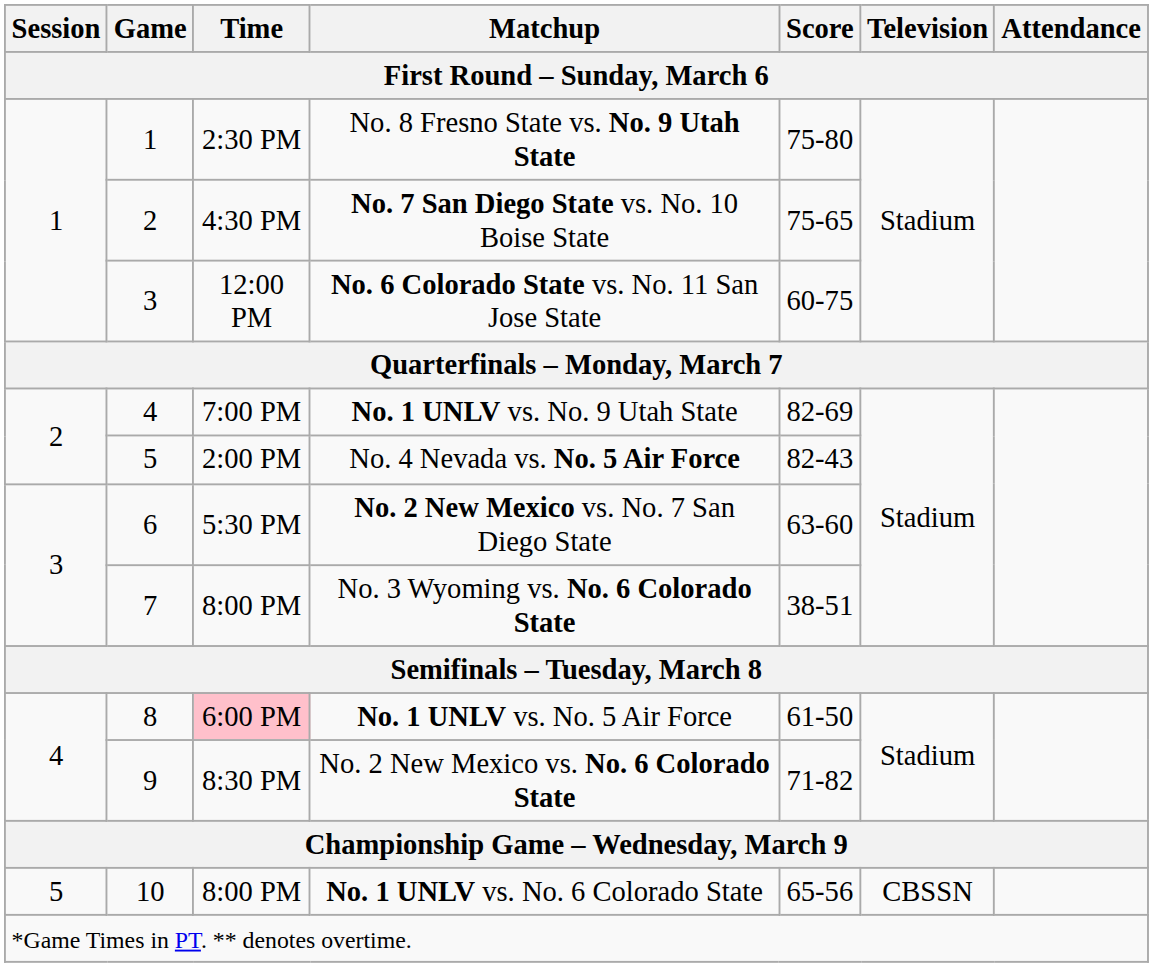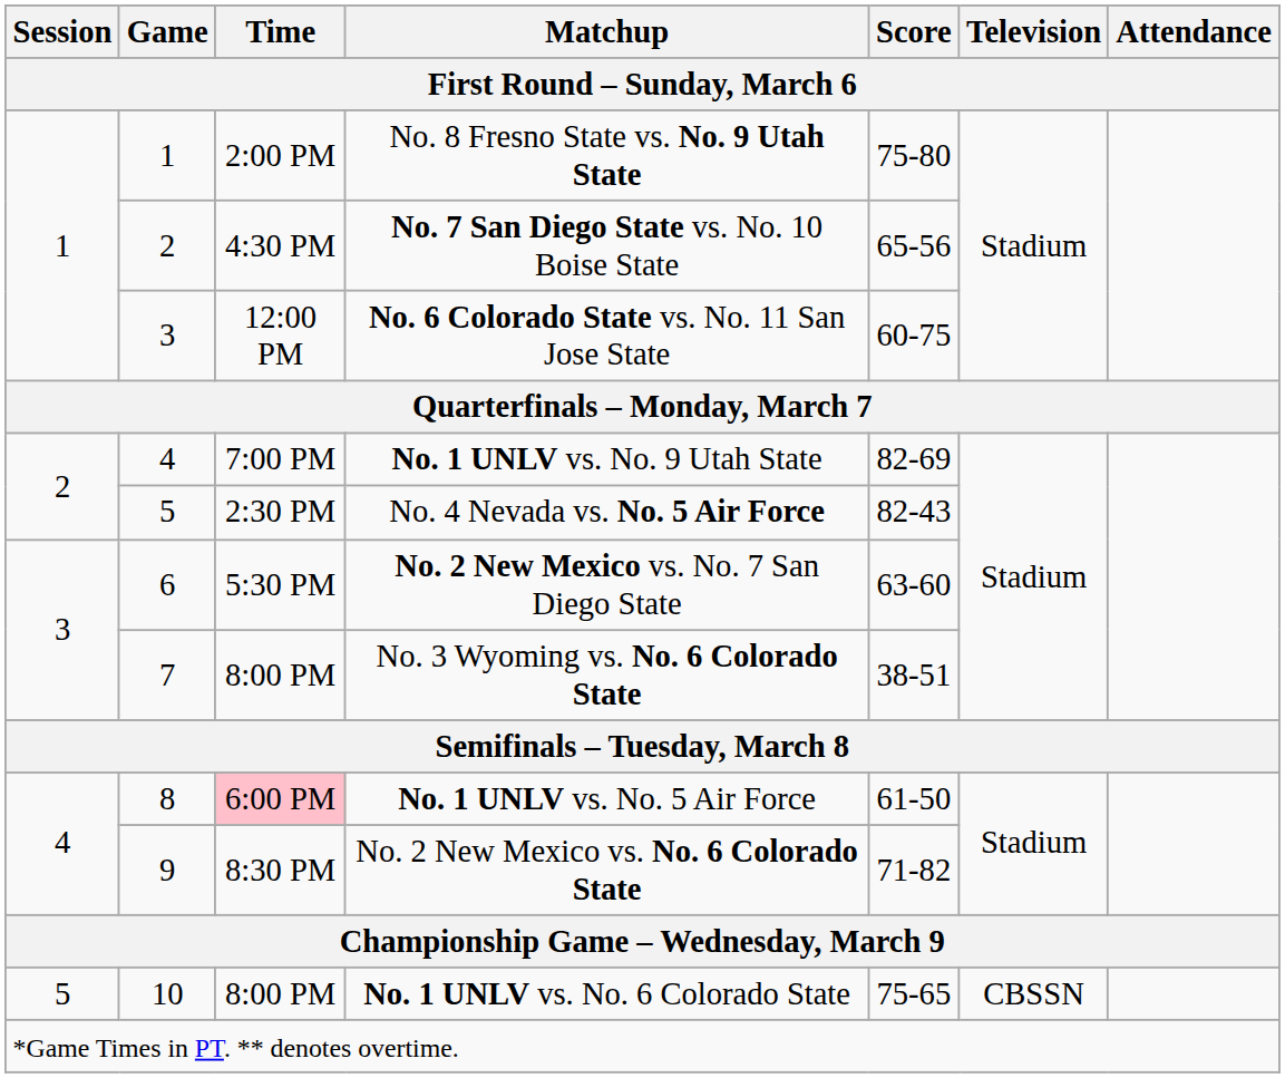 <table class="wikitable" style="font-size: 95%; text-align:center">
 <tr>
 <th>Session</th>
 <th>Game</th>
 <th>Time</th>
 <th>Matchup</th>
 <th>Score</th>
 <th>Television</th>
 <th>Attendance</th>
 </tr>
 <tr>
 <th colspan="7">First Round – Sunday, March 6</th>
 </tr>
 <tr>
 <td rowspan=3>1</td>
 <td>1</td>
-<td>2:30 PM</td>
+<td>2:00 PM</td>
 <td>No. 8 Fresno State vs. <strong>No. 9 Utah State</strong></td>
 <td>75-80</td>
 <td rowspan=3>Stadium</td>
 <td rowspan=3></td>
 </tr>
 <tr>
 <td>2</td>
 <td>4:30 PM</td>
 <td><strong>No. 7 San Diego State</strong> vs. No. 10 Boise State</td>
-<td>75-65</td>
+<td>65-56</td>
 </tr>
 <tr>
 <td>3</td>
 <td>12:00 PM</td>
 <td><strong>No. 6 Colorado State</strong> vs. No. 11 San Jose State</td>
 <td>60-75</td>
 </tr>
 <tr>
 <th colspan="7">Quarterfinals – Monday, March 7</th>
 </tr>
 <tr>
 <td rowspan=2>2</td>
 <td>4</td>
 <td>7:00 PM</td>
 <td><strong>No. 1 UNLV</strong> vs. No. 9 Utah State</td>
 <td>82-69</td>
 <td rowspan=4>Stadium</td>
 <td rowspan=4></td>
 </tr>
 <tr>
 <td>5</td>
-<td>2:00 PM</td>
+<td>2:30 PM</td>
 <td>No. 4 Nevada vs. <strong>No. 5 Air Force</strong></td>
 <td>82-43</td>
 </tr>
 <tr>
 <td rowspan=2>3</td>
 <td>6</td>
 <td>5:30 PM</td>
 <td><strong>No. 2 New Mexico</strong> vs. No. 7 San Diego State</td>
 <td rowspan=1>63-60</td>
 </tr>
 <tr>
 <td>7</td>
 <td>8:00 PM</td>
 <td>No. 3 Wyoming vs. <strong>No. 6 Colorado State</strong></td>
 <td>38-51</td>
 </tr>
 <tr>
 <th colspan="7">Semifinals – Tuesday, March 8</th>
 </tr>
 <tr>
 <td rowspan=2>4</td>
 <td>8</td>
 <td style="background: pink;">6:00 PM</td>
 <td><strong>No. 1 UNLV</strong> vs. No. 5 Air Force</td>
 <td rowspan=1>61-50</td>
 <td rowspan=2>Stadium</td>
 </tr>
 <tr>
 <td>9</td>
 <td>8:30 PM</td>
 <td>No. 2 New Mexico vs. <strong>No. 6 Colorado State</strong></td>
 <td>71-82</td>
 </tr>
 <tr>
 <th colspan="7">Championship Game – Wednesday, March 9</th>
 </tr>
 <tr>
 <td>5</td>
 <td>10</td>
 <td>8:00 PM</td>
 <td><strong>No. 1 UNLV</strong> vs. No. 6 Colorado State</td>
-<td>65-56</td>
+<td>75-65</td>
 <td>CBSSN</td>
 </tr>
 <tr>
 <td colspan=7 style="text-align:left;"><small>*Game Times in <a href='#'>PT</a>. ** denotes overtime.</small></td>
 </tr>
 </table>
